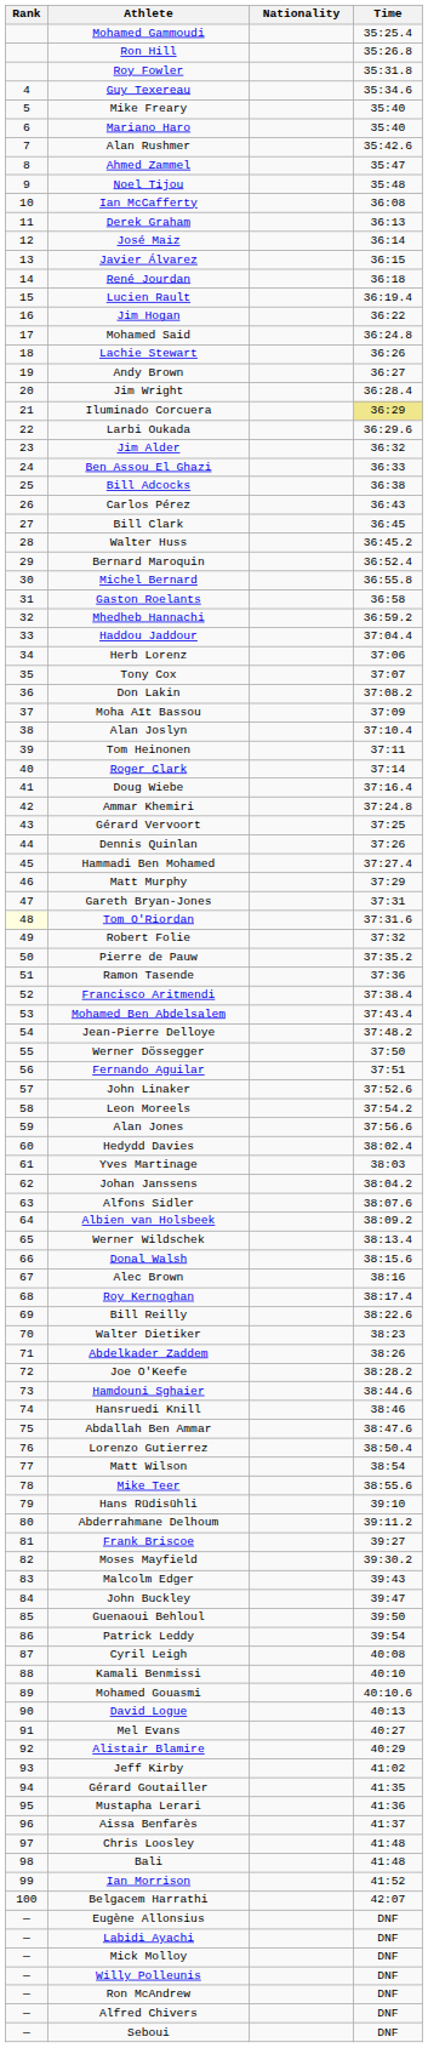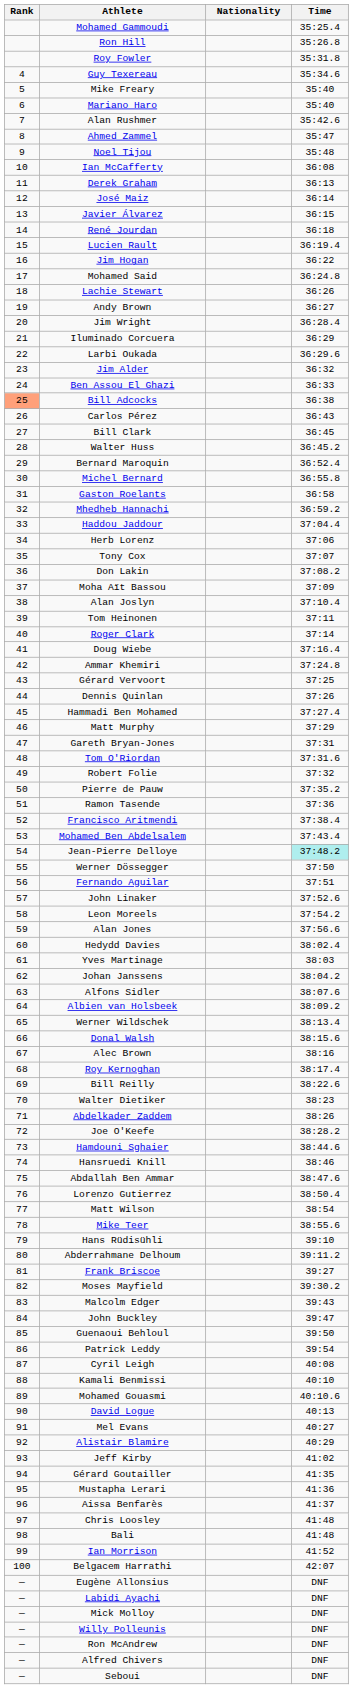 <table class="wikitable sortable" style=" text-align:center; font-size:95%;" width="50%">
 <tr>
 <th>Rank</th>
 <th>Athlete</th>
 <th>Nationality</th>
 <th>Time</th>
 </tr>
 <tr>
 <td align=center></td>
 <td><a href='#'>Mohamed Gammoudi</a></td>
 <td></td>
 <td>35:25.4</td>
 </tr>
 <tr>
 <td align=center></td>
 <td><a href='#'>Ron Hill</a></td>
 <td></td>
 <td>35:26.8</td>
 </tr>
 <tr>
 <td align=center></td>
 <td><a href='#'>Roy Fowler</a></td>
 <td></td>
 <td>35:31.8</td>
 </tr>
 <tr>
 <td align=center>4</td>
 <td><a href='#'>Guy Texereau</a></td>
 <td></td>
 <td>35:34.6</td>
 </tr>
 <tr>
 <td align=center>5</td>
 <td>Mike Freary</td>
 <td></td>
 <td>35:40</td>
 </tr>
 <tr>
 <td align=center>6</td>
 <td><a href='#'>Mariano Haro</a></td>
 <td></td>
 <td>35:40</td>
 </tr>
 <tr>
 <td align=center>7</td>
 <td>Alan Rushmer</td>
 <td></td>
 <td>35:42.6</td>
 </tr>
 <tr>
 <td align=center>8</td>
 <td><a href='#'>Ahmed Zammel</a></td>
 <td></td>
 <td>35:47</td>
 </tr>
 <tr>
 <td align=center>9</td>
 <td><a href='#'>Noel Tijou</a></td>
 <td></td>
 <td>35:48</td>
 </tr>
 <tr>
 <td align=center>10</td>
 <td><a href='#'>Ian McCafferty</a></td>
 <td></td>
 <td>36:08</td>
 </tr>
 <tr>
 <td align=center>11</td>
 <td><a href='#'>Derek Graham</a></td>
 <td></td>
 <td>36:13</td>
 </tr>
 <tr>
 <td align=center>12</td>
 <td><a href='#'>José Maiz</a></td>
 <td></td>
 <td>36:14</td>
 </tr>
 <tr>
 <td align=center>13</td>
 <td><a href='#'>Javier Álvarez</a></td>
 <td></td>
 <td>36:15</td>
 </tr>
 <tr>
 <td align=center>14</td>
 <td><a href='#'>René Jourdan</a></td>
 <td></td>
 <td>36:18</td>
 </tr>
 <tr>
 <td align=center>15</td>
 <td><a href='#'>Lucien Rault</a></td>
 <td></td>
 <td>36:19.4</td>
 </tr>
 <tr>
 <td align=center>16</td>
 <td><a href='#'>Jim Hogan</a></td>
 <td></td>
 <td>36:22</td>
 </tr>
 <tr>
 <td align=center>17</td>
 <td>Mohamed Said</td>
 <td></td>
 <td>36:24.8</td>
 </tr>
 <tr>
 <td align=center>18</td>
 <td><a href='#'>Lachie Stewart</a></td>
 <td></td>
 <td>36:26</td>
 </tr>
 <tr>
 <td align=center>19</td>
 <td>Andy Brown</td>
 <td></td>
 <td>36:27</td>
 </tr>
 <tr>
 <td align=center>20</td>
 <td>Jim Wright</td>
 <td></td>
 <td>36:28.4</td>
 </tr>
 <tr>
 <td align=center>21</td>
 <td>Iluminado Corcuera</td>
 <td></td>
-<td style="background: khaki;">36:29</td>
+<td>36:29</td>
 </tr>
 <tr>
 <td align=center>22</td>
 <td>Larbi Oukada</td>
 <td></td>
 <td>36:29.6</td>
 </tr>
 <tr>
 <td align=center>23</td>
 <td><a href='#'>Jim Alder</a></td>
 <td></td>
 <td>36:32</td>
 </tr>
 <tr>
 <td align=center>24</td>
 <td><a href='#'>Ben Assou El Ghazi</a></td>
 <td></td>
 <td>36:33</td>
 </tr>
 <tr>
-<td align=center>25</td>
+<td align=center style="background: lightsalmon;">25</td>
 <td><a href='#'>Bill Adcocks</a></td>
 <td></td>
 <td>36:38</td>
 </tr>
 <tr>
 <td align=center>26</td>
 <td>Carlos Pérez</td>
 <td></td>
 <td>36:43</td>
 </tr>
 <tr>
 <td align=center>27</td>
 <td>Bill Clark</td>
 <td></td>
 <td>36:45</td>
 </tr>
 <tr>
 <td align=center>28</td>
 <td>Walter Huss</td>
 <td></td>
 <td>36:45.2</td>
 </tr>
 <tr>
 <td align=center>29</td>
 <td>Bernard Maroquin</td>
 <td></td>
 <td>36:52.4</td>
 </tr>
 <tr>
 <td align=center>30</td>
 <td><a href='#'>Michel Bernard</a></td>
 <td></td>
 <td>36:55.8</td>
 </tr>
 <tr>
 <td align=center>31</td>
 <td><a href='#'>Gaston Roelants</a></td>
 <td></td>
 <td>36:58</td>
 </tr>
 <tr>
 <td align=center>32</td>
 <td><a href='#'>Mhedheb Hannachi</a></td>
 <td></td>
 <td>36:59.2</td>
 </tr>
 <tr>
 <td align=center>33</td>
 <td><a href='#'>Haddou Jaddour</a></td>
 <td></td>
 <td>37:04.4</td>
 </tr>
 <tr>
 <td align=center>34</td>
 <td>Herb Lorenz</td>
 <td></td>
 <td>37:06</td>
 </tr>
 <tr>
 <td align=center>35</td>
 <td>Tony Cox</td>
 <td></td>
 <td>37:07</td>
 </tr>
 <tr>
 <td align=center>36</td>
 <td>Don Lakin</td>
 <td></td>
 <td>37:08.2</td>
 </tr>
 <tr>
 <td align=center>37</td>
 <td>Moha Aït Bassou</td>
 <td></td>
 <td>37:09</td>
 </tr>
 <tr>
 <td align=center>38</td>
 <td>Alan Joslyn</td>
 <td></td>
 <td>37:10.4</td>
 </tr>
 <tr>
 <td align=center>39</td>
 <td>Tom Heinonen</td>
 <td></td>
 <td>37:11</td>
 </tr>
 <tr>
 <td align=center>40</td>
 <td><a href='#'>Roger Clark</a></td>
 <td></td>
 <td>37:14</td>
 </tr>
 <tr>
 <td align=center>41</td>
 <td>Doug Wiebe</td>
 <td></td>
 <td>37:16.4</td>
 </tr>
 <tr>
 <td align=center>42</td>
 <td>Ammar Khemiri</td>
 <td></td>
 <td>37:24.8</td>
 </tr>
 <tr>
 <td align=center>43</td>
 <td>Gérard Vervoort</td>
 <td></td>
 <td>37:25</td>
 </tr>
 <tr>
 <td align=center>44</td>
 <td>Dennis Quinlan</td>
 <td></td>
 <td>37:26</td>
 </tr>
 <tr>
 <td align=center>45</td>
 <td>Hammadi Ben Mohamed</td>
 <td></td>
 <td>37:27.4</td>
 </tr>
 <tr>
 <td align=center>46</td>
 <td>Matt Murphy</td>
 <td></td>
 <td>37:29</td>
 </tr>
 <tr>
 <td align=center>47</td>
 <td>Gareth Bryan-Jones</td>
 <td></td>
 <td>37:31</td>
 </tr>
 <tr>
-<td align=center style="background: lightyellow;">48</td>
+<td align=center>48</td>
 <td><a href='#'>Tom O'Riordan</a></td>
 <td></td>
 <td>37:31.6</td>
 </tr>
 <tr>
 <td align=center>49</td>
 <td>Robert Folie</td>
 <td></td>
 <td>37:32</td>
 </tr>
 <tr>
 <td align=center>50</td>
 <td>Pierre de Pauw</td>
 <td></td>
 <td>37:35.2</td>
 </tr>
 <tr>
 <td align=center>51</td>
 <td>Ramon Tasende</td>
 <td></td>
 <td>37:36</td>
 </tr>
 <tr>
 <td align=center>52</td>
 <td><a href='#'>Francisco Aritmendi</a></td>
 <td></td>
 <td>37:38.4</td>
 </tr>
 <tr>
 <td align=center>53</td>
 <td><a href='#'>Mohamed Ben Abdelsalem</a></td>
 <td></td>
 <td>37:43.4</td>
 </tr>
 <tr>
 <td align=center>54</td>
 <td>Jean-Pierre Delloye</td>
 <td></td>
-<td>37:48.2</td>
+<td style="background: paleturquoise;">37:48.2</td>
 </tr>
 <tr>
 <td align=center>55</td>
 <td>Werner Dössegger</td>
 <td></td>
 <td>37:50</td>
 </tr>
 <tr>
 <td align=center>56</td>
 <td><a href='#'>Fernando Aguilar</a></td>
 <td></td>
 <td>37:51</td>
 </tr>
 <tr>
 <td align=center>57</td>
 <td>John Linaker</td>
 <td></td>
 <td>37:52.6</td>
 </tr>
 <tr>
 <td align=center>58</td>
 <td>Leon Moreels</td>
 <td></td>
 <td>37:54.2</td>
 </tr>
 <tr>
 <td align=center>59</td>
 <td>Alan Jones</td>
 <td></td>
 <td>37:56.6</td>
 </tr>
 <tr>
 <td align=center>60</td>
 <td>Hedydd Davies</td>
 <td></td>
 <td>38:02.4</td>
 </tr>
 <tr>
 <td align=center>61</td>
 <td>Yves Martinage</td>
 <td></td>
 <td>38:03</td>
 </tr>
 <tr>
 <td align=center>62</td>
 <td>Johan Janssens</td>
 <td></td>
 <td>38:04.2</td>
 </tr>
 <tr>
 <td align=center>63</td>
 <td>Alfons Sidler</td>
 <td></td>
 <td>38:07.6</td>
 </tr>
 <tr>
 <td align=center>64</td>
 <td><a href='#'>Albien van Holsbeek</a></td>
 <td></td>
 <td>38:09.2</td>
 </tr>
 <tr>
 <td align=center>65</td>
 <td>Werner Wildschek</td>
 <td></td>
 <td>38:13.4</td>
 </tr>
 <tr>
 <td align=center>66</td>
 <td><a href='#'>Donal Walsh</a></td>
 <td></td>
 <td>38:15.6</td>
 </tr>
 <tr>
 <td align=center>67</td>
 <td>Alec Brown</td>
 <td></td>
 <td>38:16</td>
 </tr>
 <tr>
 <td align=center>68</td>
 <td><a href='#'>Roy Kernoghan</a></td>
 <td></td>
 <td>38:17.4</td>
 </tr>
 <tr>
 <td align=center>69</td>
 <td>Bill Reilly</td>
 <td></td>
 <td>38:22.6</td>
 </tr>
 <tr>
 <td align=center>70</td>
 <td>Walter Dietiker</td>
 <td></td>
 <td>38:23</td>
 </tr>
 <tr>
 <td align=center>71</td>
 <td><a href='#'>Abdelkader Zaddem</a></td>
 <td></td>
 <td>38:26</td>
 </tr>
 <tr>
 <td align=center>72</td>
 <td>Joe O'Keefe</td>
 <td></td>
 <td>38:28.2</td>
 </tr>
 <tr>
 <td align=center>73</td>
 <td><a href='#'>Hamdouni Sghaier</a></td>
 <td></td>
 <td>38:44.6</td>
 </tr>
 <tr>
 <td align=center>74</td>
 <td>Hansruedi Knill</td>
 <td></td>
 <td>38:46</td>
 </tr>
 <tr>
 <td align=center>75</td>
 <td>Abdallah Ben Ammar</td>
 <td></td>
 <td>38:47.6</td>
 </tr>
 <tr>
 <td align=center>76</td>
 <td>Lorenzo Gutierrez</td>
 <td></td>
 <td>38:50.4</td>
 </tr>
 <tr>
 <td align=center>77</td>
 <td>Matt Wilson</td>
 <td></td>
 <td>38:54</td>
 </tr>
 <tr>
 <td align=center>78</td>
 <td><a href='#'>Mike Teer</a></td>
 <td></td>
 <td>38:55.6</td>
 </tr>
 <tr>
 <td align=center>79</td>
 <td>Hans Rüdisühli</td>
 <td></td>
 <td>39:10</td>
 </tr>
 <tr>
 <td align=center>80</td>
 <td>Abderrahmane Delhoum</td>
 <td></td>
 <td>39:11.2</td>
 </tr>
 <tr>
 <td align=center>81</td>
 <td><a href='#'>Frank Briscoe</a></td>
 <td></td>
 <td>39:27</td>
 </tr>
 <tr>
 <td align=center>82</td>
 <td>Moses Mayfield</td>
 <td></td>
 <td>39:30.2</td>
 </tr>
 <tr>
 <td align=center>83</td>
 <td>Malcolm Edger</td>
 <td></td>
 <td>39:43</td>
 </tr>
 <tr>
 <td align=center>84</td>
 <td>John Buckley</td>
 <td></td>
 <td>39:47</td>
 </tr>
 <tr>
 <td align=center>85</td>
 <td>Guenaoui Behloul</td>
 <td></td>
 <td>39:50</td>
 </tr>
 <tr>
 <td align=center>86</td>
 <td>Patrick Leddy</td>
 <td></td>
 <td>39:54</td>
 </tr>
 <tr>
 <td align=center>87</td>
 <td>Cyril Leigh</td>
 <td></td>
 <td>40:08</td>
 </tr>
 <tr>
 <td align=center>88</td>
 <td>Kamali Benmissi</td>
 <td></td>
 <td>40:10</td>
 </tr>
 <tr>
 <td align=center>89</td>
 <td>Mohamed Gouasmi</td>
 <td></td>
 <td>40:10.6</td>
 </tr>
 <tr>
 <td align=center>90</td>
 <td><a href='#'>David Logue</a></td>
 <td></td>
 <td>40:13</td>
 </tr>
 <tr>
 <td align=center>91</td>
 <td>Mel Evans</td>
 <td></td>
 <td>40:27</td>
 </tr>
 <tr>
 <td align=center>92</td>
 <td><a href='#'>Alistair Blamire</a></td>
 <td></td>
 <td>40:29</td>
 </tr>
 <tr>
 <td align=center>93</td>
 <td>Jeff Kirby</td>
 <td></td>
 <td>41:02</td>
 </tr>
 <tr>
 <td align=center>94</td>
 <td>Gérard Goutailler</td>
 <td></td>
 <td>41:35</td>
 </tr>
 <tr>
 <td align=center>95</td>
 <td>Mustapha Lerari</td>
 <td></td>
 <td>41:36</td>
 </tr>
 <tr>
 <td align=center>96</td>
 <td>Aissa Benfarès</td>
 <td></td>
 <td>41:37</td>
 </tr>
 <tr>
 <td align=center>97</td>
 <td>Chris Loosley</td>
 <td></td>
 <td>41:48</td>
 </tr>
 <tr>
 <td align=center>98</td>
 <td>Bali</td>
 <td></td>
 <td>41:48</td>
 </tr>
 <tr>
 <td align=center>99</td>
 <td><a href='#'>Ian Morrison</a></td>
 <td></td>
 <td>41:52</td>
 </tr>
 <tr>
 <td align=center>100</td>
 <td>Belgacem Harrathi</td>
 <td></td>
 <td>42:07</td>
 </tr>
 <tr>
 <td align=center>—</td>
 <td>Eugène Allonsius</td>
 <td></td>
 <td>DNF</td>
 </tr>
 <tr>
 <td align=center>—</td>
 <td><a href='#'>Labidi Ayachi</a></td>
 <td></td>
 <td>DNF</td>
 </tr>
 <tr>
 <td align=center>—</td>
 <td>Mick Molloy</td>
 <td></td>
 <td>DNF</td>
 </tr>
 <tr>
 <td align=center>—</td>
 <td><a href='#'>Willy Polleunis</a></td>
 <td></td>
 <td>DNF</td>
 </tr>
 <tr>
 <td align=center>—</td>
 <td>Ron McAndrew</td>
 <td></td>
 <td>DNF</td>
 </tr>
 <tr>
 <td align=center>—</td>
 <td>Alfred Chivers</td>
 <td></td>
 <td>DNF</td>
 </tr>
 <tr>
 <td align=center>—</td>
 <td>Seboui</td>
 <td></td>
 <td>DNF</td>
 </tr>
 </table>
